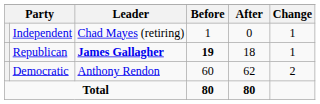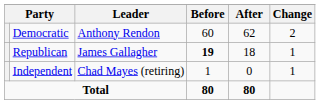 <table class="wikitable" style="text-align:center;">
 <tr>
 </tr>
 <tr>
 <th colspan=2>Party</th>
 <th>Leader</th>
 <th style="width:3em">Before</th>
 <th style="width:3em">After</th>
 <th style="width:3em">Change</th>
 </tr>
 <tr>
 <th style="background-color:"></th>
-<td style="text-align:left;"><a href='#'>Independent</a></td>
-<td style="text-align:left;"><a href='#'>Chad Mayes</a> (retiring)</td>
-<td>1</td>
-<td>0</td>
-<td> 1</td>
+<td style="text-align:left;"><a href='#'>Democratic</a></td>
+<td style="text-align:left;"><a href='#'>Anthony Rendon</a></td>
+<td>60</td>
+<td>62</td>
+<td>2</td>
 </tr>
 <tr>
 <th style="background-color:"></th>
 <td style="text-align:left;"><a href='#'>Republican</a></td>
-<td style="text-align:left;"><strong><a href='#'>James Gallagher</a></strong></td>
+<td style="text-align:left;"><a href='#'>James Gallagher</a></td>
 <td><strong>19</strong></td>
 <td>18</td>
 <td>1</td>
 </tr>
 <tr>
 <th style="background-color:"></th>
-<td style="text-align:left;"><a href='#'>Democratic</a></td>
-<td style="text-align:left;"><a href='#'>Anthony Rendon</a></td>
-<td>60</td>
-<td>62</td>
-<td>2</td>
+<td style="text-align:left;"><a href='#'>Independent</a></td>
+<td style="text-align:left;"><a href='#'>Chad Mayes</a> (retiring)</td>
+<td>1</td>
+<td>0</td>
+<td> 1</td>
 </tr>
 <tr>
 <td colspan=3><strong>Total</strong></td>
 <td><strong>80</strong></td>
 <td><strong>80</strong></td>
 <td></td>
 </tr>
 </table>
